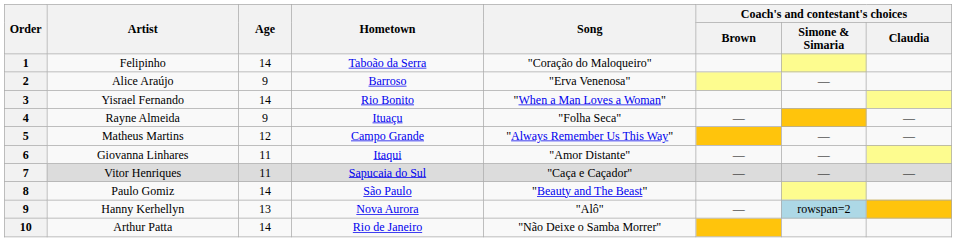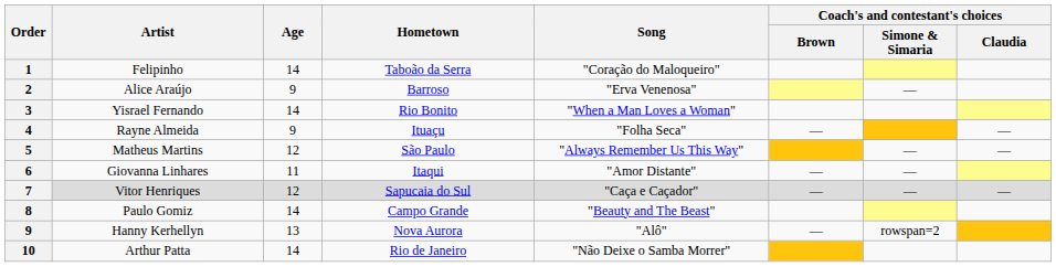 <table class="wikitable" style="text-align:center; line-height:17px; width:100%;">
 <tr>
 <th scope="col" rowspan=2 width="04%">Order</th>
 <th scope="col" rowspan=2 width="18%">Artist</th>
 <th scope="col" rowspan=2 width="05%">Age</th>
 <th scope="col" rowspan=2 width="18%">Hometown</th>
 <th scope="col" rowspan=2 width="20%">Song</th>
 <th scope="col" colspan=3 width="24%">Coach's and contestant's choices</th>
 </tr>
 <tr>
 <th width="08%">Brown</th>
 <th width="08%">Simone & Simaria</th>
 <th width="08%">Claudia</th>
 </tr>
 <tr>
 <th>1</th>
 <td>Felipinho</td>
 <td>14</td>
 <td><a href='#'>Taboão da Serra</a></td>
 <td>"Coração do Maloqueiro"</td>
 <td><strong></strong></td>
 <td bgcolor=FDFC8F><strong></strong></td>
 <td><strong></strong></td>
 </tr>
 <tr>
 <th>2</th>
 <td>Alice Araújo</td>
 <td>9</td>
 <td><a href='#'>Barroso</a></td>
 <td>"Erva Venenosa"</td>
 <td bgcolor=FDFC8F><strong></strong></td>
 <td>—</td>
 <td><strong></strong></td>
 </tr>
 <tr>
 <th>3</th>
 <td>Yisrael Fernando</td>
 <td>14</td>
 <td><a href='#'>Rio Bonito</a></td>
 <td>"<a href='#'>When a Man Loves a Woman</a>"</td>
 <td><strong></strong></td>
 <td><strong></strong></td>
 <td bgcolor=FDFC8F><strong></strong></td>
 </tr>
 <tr>
 <th>4</th>
 <td>Rayne Almeida</td>
 <td>9</td>
 <td><a href='#'>Ituaçu</a></td>
 <td>"Folha Seca"</td>
 <td>—</td>
 <td bgcolor=FFC40C><strong></strong></td>
 <td>—</td>
 </tr>
 <tr>
 <th>5</th>
 <td>Matheus Martins</td>
 <td>12</td>
-<td><a href='#'>Campo Grande</a></td>
+<td><a href='#'>São Paulo</a></td>
 <td>"<a href='#'>Always Remember Us This Way</a>"</td>
 <td bgcolor=FFC40C><strong></strong></td>
 <td>—</td>
 <td>—</td>
 </tr>
 <tr>
 <th>6</th>
 <td>Giovanna Linhares</td>
 <td>11</td>
 <td><a href='#'>Itaqui</a></td>
 <td>"Amor Distante"</td>
 <td>—</td>
 <td>—</td>
 <td bgcolor=FDFC8F><strong></strong></td>
 </tr>
 <tr bgcolor=DCDCDC>
 <th>7</th>
 <td>Vitor Henriques</td>
-<td>11</td>
+<td>12</td>
 <td><a href='#'>Sapucaia do Sul</a></td>
 <td>"Caça e Caçador"</td>
 <td>—</td>
 <td>—</td>
 <td>—</td>
 </tr>
 <tr>
 <th>8</th>
 <td>Paulo Gomiz</td>
 <td>14</td>
-<td><a href='#'>São Paulo</a></td>
+<td><a href='#'>Campo Grande</a></td>
 <td>"<a href='#'>Beauty and The Beast</a>"</td>
 <td><strong></strong></td>
 <td bgcolor=FDFC8F><strong></strong></td>
 <td><strong></strong></td>
 </tr>
 <tr>
 <th>9</th>
 <td>Hanny Kerhellyn</td>
 <td>13</td>
 <td><a href='#'>Nova Aurora</a></td>
 <td>"Alô"</td>
 <td>—</td>
-<td style="background: lightblue;">rowspan=2 </td>
+<td>rowspan=2 </td>
 <td bgcolor=FFC40C><strong></strong></td>
 </tr>
 <tr>
 <th>10</th>
 <td>Arthur Patta</td>
 <td>14</td>
 <td><a href='#'>Rio de Janeiro</a></td>
 <td>"Não Deixe o Samba Morrer"</td>
 <td bgcolor=FFC40C><strong></strong></td>
 <td></td>
 </tr>
 </table>
